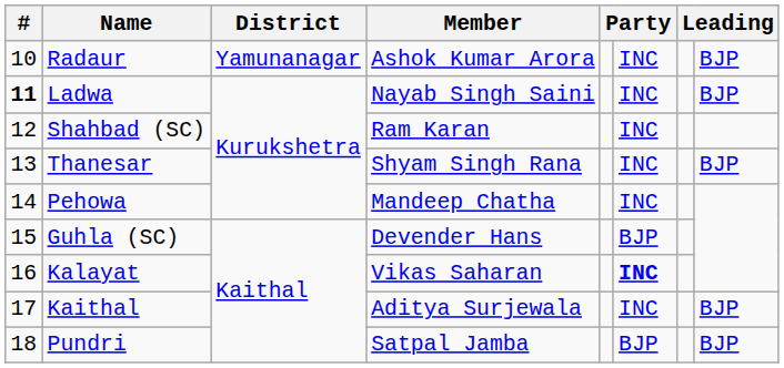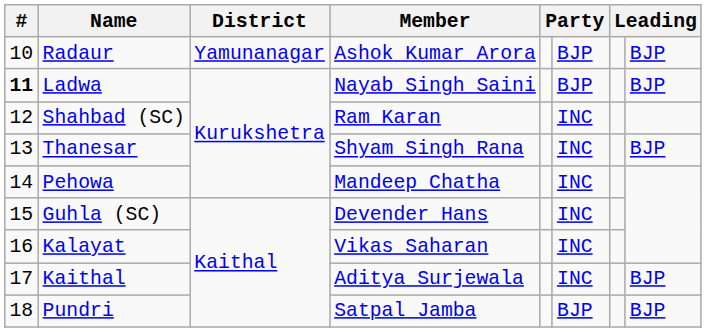 <table class="wikitable">
 <tr>
 <th>#</th>
 <th>Name</th>
 <th>District</th>
 <th>Member</th>
 <th colspan="2">Party</th>
 <th colspan="2">Leading<br></th>
 </tr>
 <tr>
 <td>10</td>
 <td><a href='#'>Radaur</a></td>
 <td><a href='#'>Yamunanagar</a></td>
 <td><a href='#'>Ashok Kumar Arora</a></td>
 <td style="background-color:"></td>
-<td><a href='#'>INC</a></td>
+<td><a href='#'>BJP</a></td>
 <td style="background-color:"></td>
 <td><a href='#'>BJP</a></td>
 </tr>
 <tr>
 <td><strong>11</strong></td>
 <td><a href='#'>Ladwa</a></td>
 <td rowspan="4"><a href='#'>Kurukshetra</a></td>
 <td><a href='#'>Nayab Singh Saini</a></td>
 <td style="background-color:"></td>
-<td><a href='#'>INC</a></td>
+<td><a href='#'>BJP</a></td>
 <td style="background-color:"></td>
 <td><a href='#'>BJP</a></td>
 </tr>
 <tr>
 <td>12</td>
 <td><a href='#'>Shahbad</a> (SC)</td>
 <td><a href='#'>Ram Karan</a></td>
 <td style="background-color:"></td>
 <td><a href='#'>INC</a></td>
 <td></td>
 </tr>
 <tr>
 <td>13</td>
 <td><a href='#'>Thanesar</a></td>
 <td><a href='#'>Shyam Singh Rana</a></td>
 <td style="background-color:"></td>
 <td><a href='#'>INC</a></td>
 <td style="background-color:"></td>
 <td><a href='#'>BJP</a></td>
 </tr>
 <tr>
 <td>14</td>
 <td><a href='#'>Pehowa</a></td>
 <td><a href='#'>Mandeep Chatha</a></td>
 <td style="background-color:"></td>
 <td><a href='#'>INC</a></td>
 <td></td>
 </tr>
 <tr>
 <td>15</td>
 <td><a href='#'>Guhla</a> (SC)</td>
 <td rowspan="4"><a href='#'>Kaithal</a></td>
 <td><a href='#'>Devender Hans</a></td>
 <td style="background-color:"></td>
-<td><a href='#'>BJP</a></td>
+<td><a href='#'>INC</a></td>
 <td></td>
 </tr>
 <tr>
 <td>16</td>
 <td><a href='#'>Kalayat</a></td>
 <td><a href='#'>Vikas Saharan</a></td>
 <td style="background-color:"></td>
-<td><strong><a href='#'>INC</a></strong></td>
+<td><a href='#'>INC</a></td>
 <td></td>
 </tr>
 <tr>
 <td>17</td>
 <td><a href='#'>Kaithal</a></td>
 <td><a href='#'>Aditya Surjewala</a></td>
 <td style="background-color:"></td>
 <td><a href='#'>INC</a></td>
 <td style="background-color:"></td>
 <td><a href='#'>BJP</a></td>
 </tr>
 <tr>
 <td>18</td>
 <td><a href='#'>Pundri</a></td>
 <td><a href='#'>Satpal Jamba</a></td>
 <td style="background-color:"></td>
 <td><a href='#'>BJP</a></td>
 <td style="background-color:"></td>
 <td><a href='#'>BJP</a></td>
 </tr>
 </table>
